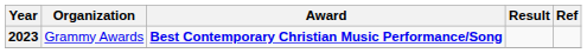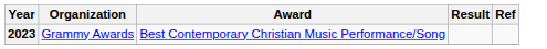 <table class="wikitable plainrowheaders">
 <tr>
 <th>Year</th>
 <th>Organization</th>
 <th>Award</th>
 <th>Result</th>
 <th>Ref</th>
 </tr>
 <tr>
 <th scope="row">2023</th>
 <td><a href='#'>Grammy Awards</a></td>
-<td><strong><a href='#'>Best Contemporary Christian Music Performance/Song</a></strong></td>
+<td><a href='#'>Best Contemporary Christian Music Performance/Song</a></td>
 <td></td>
 <td></td>
 </tr>
 <tr>
 </tr>
 </table>
